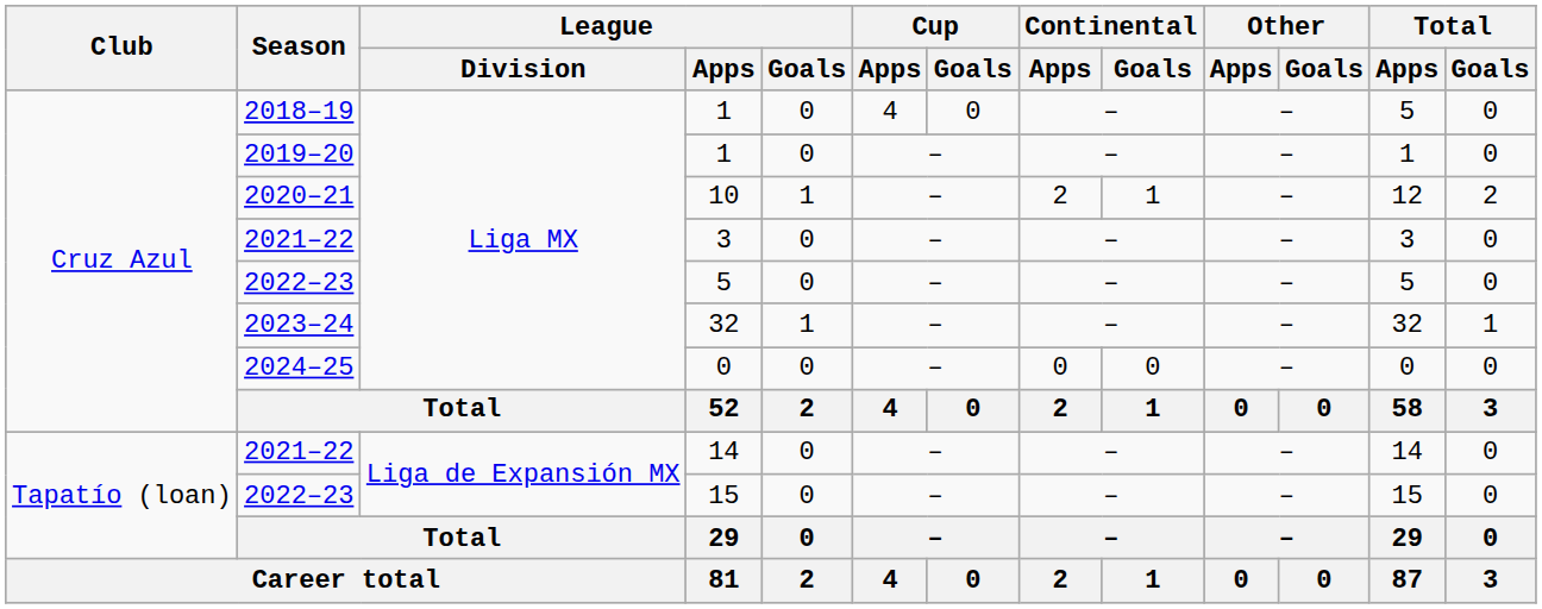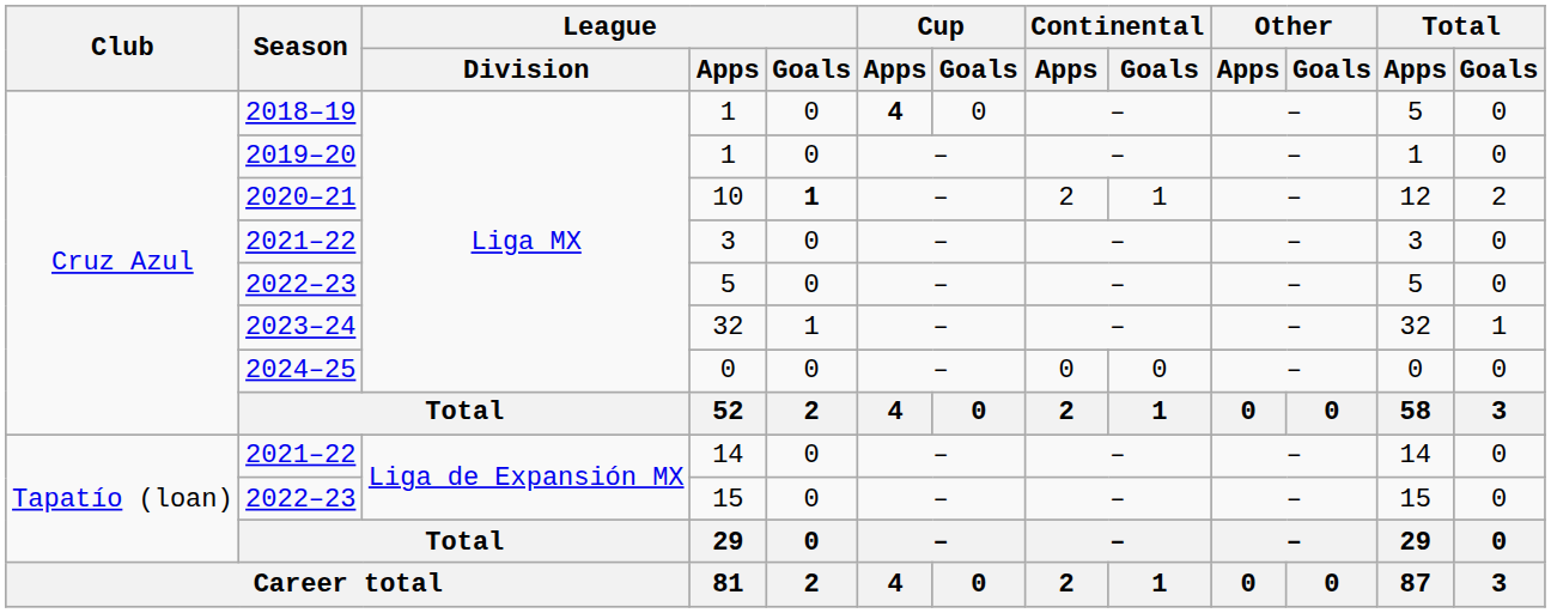 <table class="wikitable" style="text-align: center">
 <tr>
 <th rowspan="2">Club</th>
 <th rowspan="2">Season</th>
 <th colspan="3">League</th>
 <th colspan="2">Cup</th>
 <th colspan="2">Continental</th>
 <th colspan="2">Other</th>
 <th colspan="2">Total</th>
 </tr>
 <tr>
 <th>Division</th>
 <th>Apps</th>
 <th>Goals</th>
 <th>Apps</th>
 <th>Goals</th>
 <th>Apps</th>
 <th>Goals</th>
 <th>Apps</th>
 <th>Goals</th>
 <th>Apps</th>
 <th>Goals</th>
 </tr>
 <tr>
 <td rowspan="8"><a href='#'>Cruz Azul</a></td>
 <td><a href='#'>2018–19</a></td>
 <td rowspan="7"><a href='#'>Liga MX</a></td>
 <td>1</td>
 <td>0</td>
-<td>4</td>
+<td><strong>4</strong></td>
 <td>0</td>
 <td colspan="2">–</td>
 <td colspan=2>–</td>
 <td>5</td>
 <td>0</td>
 </tr>
 <tr>
 <td><a href='#'>2019–20</a></td>
 <td>1</td>
 <td>0</td>
 <td colspan=2>–</td>
 <td colspan=2>–</td>
 <td colspan=2>–</td>
 <td>1</td>
 <td>0</td>
 </tr>
 <tr>
 <td><a href='#'>2020–21</a></td>
 <td>10</td>
-<td>1</td>
+<td><strong>1</strong></td>
 <td colspan=2>–</td>
 <td>2</td>
 <td>1</td>
 <td colspan=2>–</td>
 <td>12</td>
 <td>2</td>
 </tr>
 <tr>
 <td><a href='#'>2021–22</a></td>
 <td>3</td>
 <td>0</td>
 <td colspan=2>–</td>
 <td colspan=2>–</td>
 <td colspan=2>–</td>
 <td>3</td>
 <td>0</td>
 </tr>
 <tr>
 <td><a href='#'>2022–23</a></td>
 <td>5</td>
 <td>0</td>
 <td colspan=2>–</td>
 <td colspan=2>–</td>
 <td colspan=2>–</td>
 <td>5</td>
 <td>0</td>
 </tr>
 <tr>
 <td><a href='#'>2023–24</a></td>
 <td>32</td>
 <td>1</td>
 <td colspan=2>–</td>
 <td colspan=2>–</td>
 <td colspan=2>–</td>
 <td>32</td>
 <td>1</td>
 </tr>
 <tr>
 <td><a href='#'>2024–25</a></td>
 <td>0</td>
 <td>0</td>
 <td colspan=2>–</td>
 <td>0</td>
 <td>0</td>
 <td colspan=2>–</td>
 <td>0</td>
 <td>0</td>
 </tr>
 <tr>
 <th colspan="2">Total</th>
 <th>52</th>
 <th>2</th>
 <th>4</th>
 <th>0</th>
 <th>2</th>
 <th>1</th>
 <th>0</th>
 <th>0</th>
 <th>58</th>
 <th>3</th>
 </tr>
 <tr>
 <td rowspan="3"><a href='#'>Tapatío</a> (loan)</td>
 <td><a href='#'>2021–22</a></td>
 <td rowspan="2"><a href='#'>Liga de Expansión MX</a></td>
 <td>14</td>
 <td>0</td>
 <td colspan="2">–</td>
 <td colspan="2">–</td>
 <td colspan=2>–</td>
 <td>14</td>
 <td>0</td>
 </tr>
 <tr>
 <td><a href='#'>2022–23</a></td>
 <td>15</td>
 <td>0</td>
 <td colspan="2">–</td>
 <td colspan="2">–</td>
 <td colspan=2>–</td>
 <td>15</td>
 <td>0</td>
 </tr>
 <tr>
 <th colspan="2">Total</th>
 <th>29</th>
 <th>0</th>
 <th colspan="2">–</th>
 <th colspan="2">–</th>
 <th colspan="2">–</th>
 <th>29</th>
 <th>0</th>
 </tr>
 <tr>
 <th colspan="3"><strong>Career total</strong></th>
 <th>81</th>
 <th>2</th>
 <th>4</th>
 <th>0</th>
 <th>2</th>
 <th>1</th>
 <th>0</th>
 <th>0</th>
 <th>87</th>
 <th>3</th>
 </tr>
 </table>
